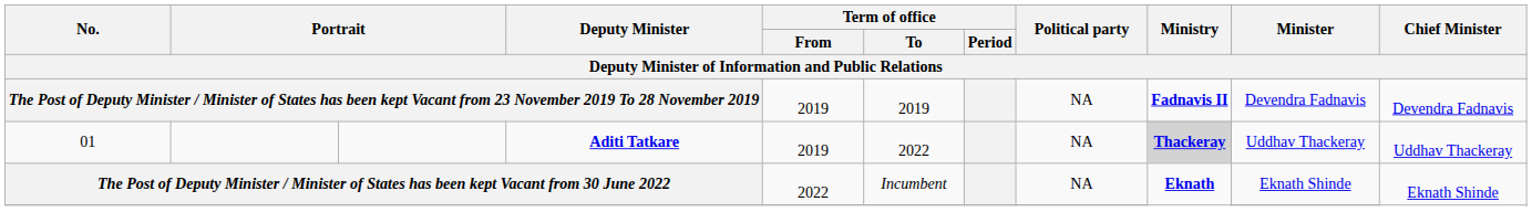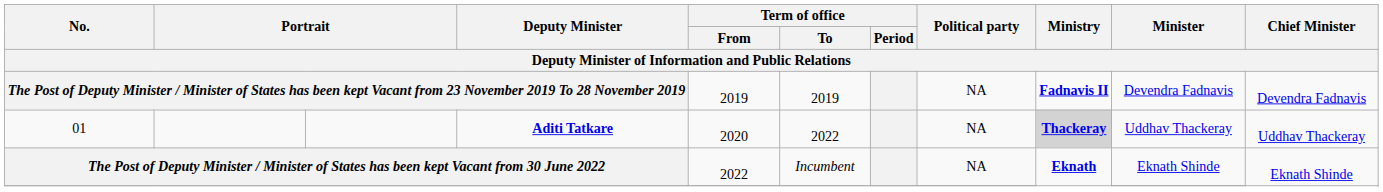 <table class="wikitable" style="text-align:center">
 <tr>
 <th rowspan="2">No.</th>
 <th rowspan="2" colspan="2">Portrait</th>
 <th rowspan="2" style="width:16em">Deputy Minister<br></th>
 <th colspan="3">Term of office</th>
 <th rowspan="2" style="width:8em">Political party</th>
 <th rowspan="2">Ministry</th>
 <th rowspan="2" style="width:9em">Minister</th>
 <th rowspan="2" style="width:9em">Chief Minister</th>
 </tr>
 <tr>
 <th style="width:6em">From</th>
 <th style="width:6em">To</th>
 <th>Period</th>
 </tr>
 <tr>
 <th colspan="11">Deputy Minister of Information and Public Relations</th>
 </tr>
 <tr>
 <th colspan="04"><strong><em>The Post of Deputy Minister / Minister of States has been kept Vacant from 23 November 2019 To 28 November 2019</em></strong></th>
 <td><br>2019</td>
 <td><br>2019</td>
 <th></th>
 <td>NA</td>
 <td rowspan="1"><a href='#'><strong>Fadnavis II</strong></a></td>
 <td><a href='#'>Devendra Fadnavis</a></td>
 <td rowspan="1"> <br><a href='#'>Devendra Fadnavis</a></td>
 </tr>
 <tr>
 <td>01</td>
 <td style="color:inherit;background:"></td>
 <td></td>
 <td><strong><a href='#'>Aditi Tatkare</a></strong> <br> </td>
-<td><br>2019</td>
+<td><br>2020</td>
 <td><br>2022</td>
 <th></th>
 <td>NA</td>
 <td rowspan="1" style="background: lightgrey;"><a href='#'><strong>Thackeray</strong></a></td>
 <td><a href='#'>Uddhav Thackeray</a></td>
 <td rowspan="1"> <br><a href='#'>Uddhav Thackeray</a></td>
 </tr>
 <tr>
 <th colspan="04"><strong><em>The Post of Deputy Minister / Minister of States has been kept Vacant from 30 June 2022</em></strong></th>
 <td><br>2022</td>
 <td><em>Incumbent</em></td>
 <th></th>
 <td>NA</td>
 <td rowspan="2"><a href='#'><strong>Eknath</strong></a></td>
 <td><a href='#'>Eknath Shinde</a></td>
 <td rowspan="2"> <br><a href='#'>Eknath Shinde</a></td>
 </tr>
 <tr>
 </tr>
 </table>
